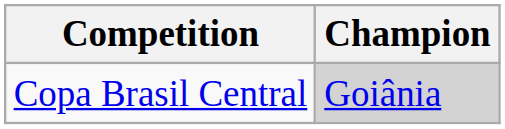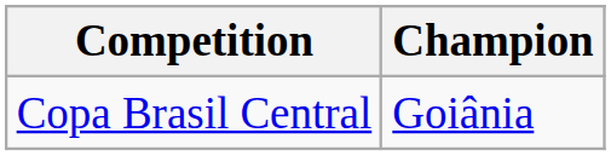 <table class="wikitable">
 <tr>
 <th>Competition</th>
 <th>Champion</th>
 </tr>
 <tr>
 <td><a href='#'>Copa Brasil Central</a></td>
-<td style="background: lightgrey;"><a href='#'>Goiânia</a></td>
+<td><a href='#'>Goiânia</a></td>
 </tr>
 </table>
